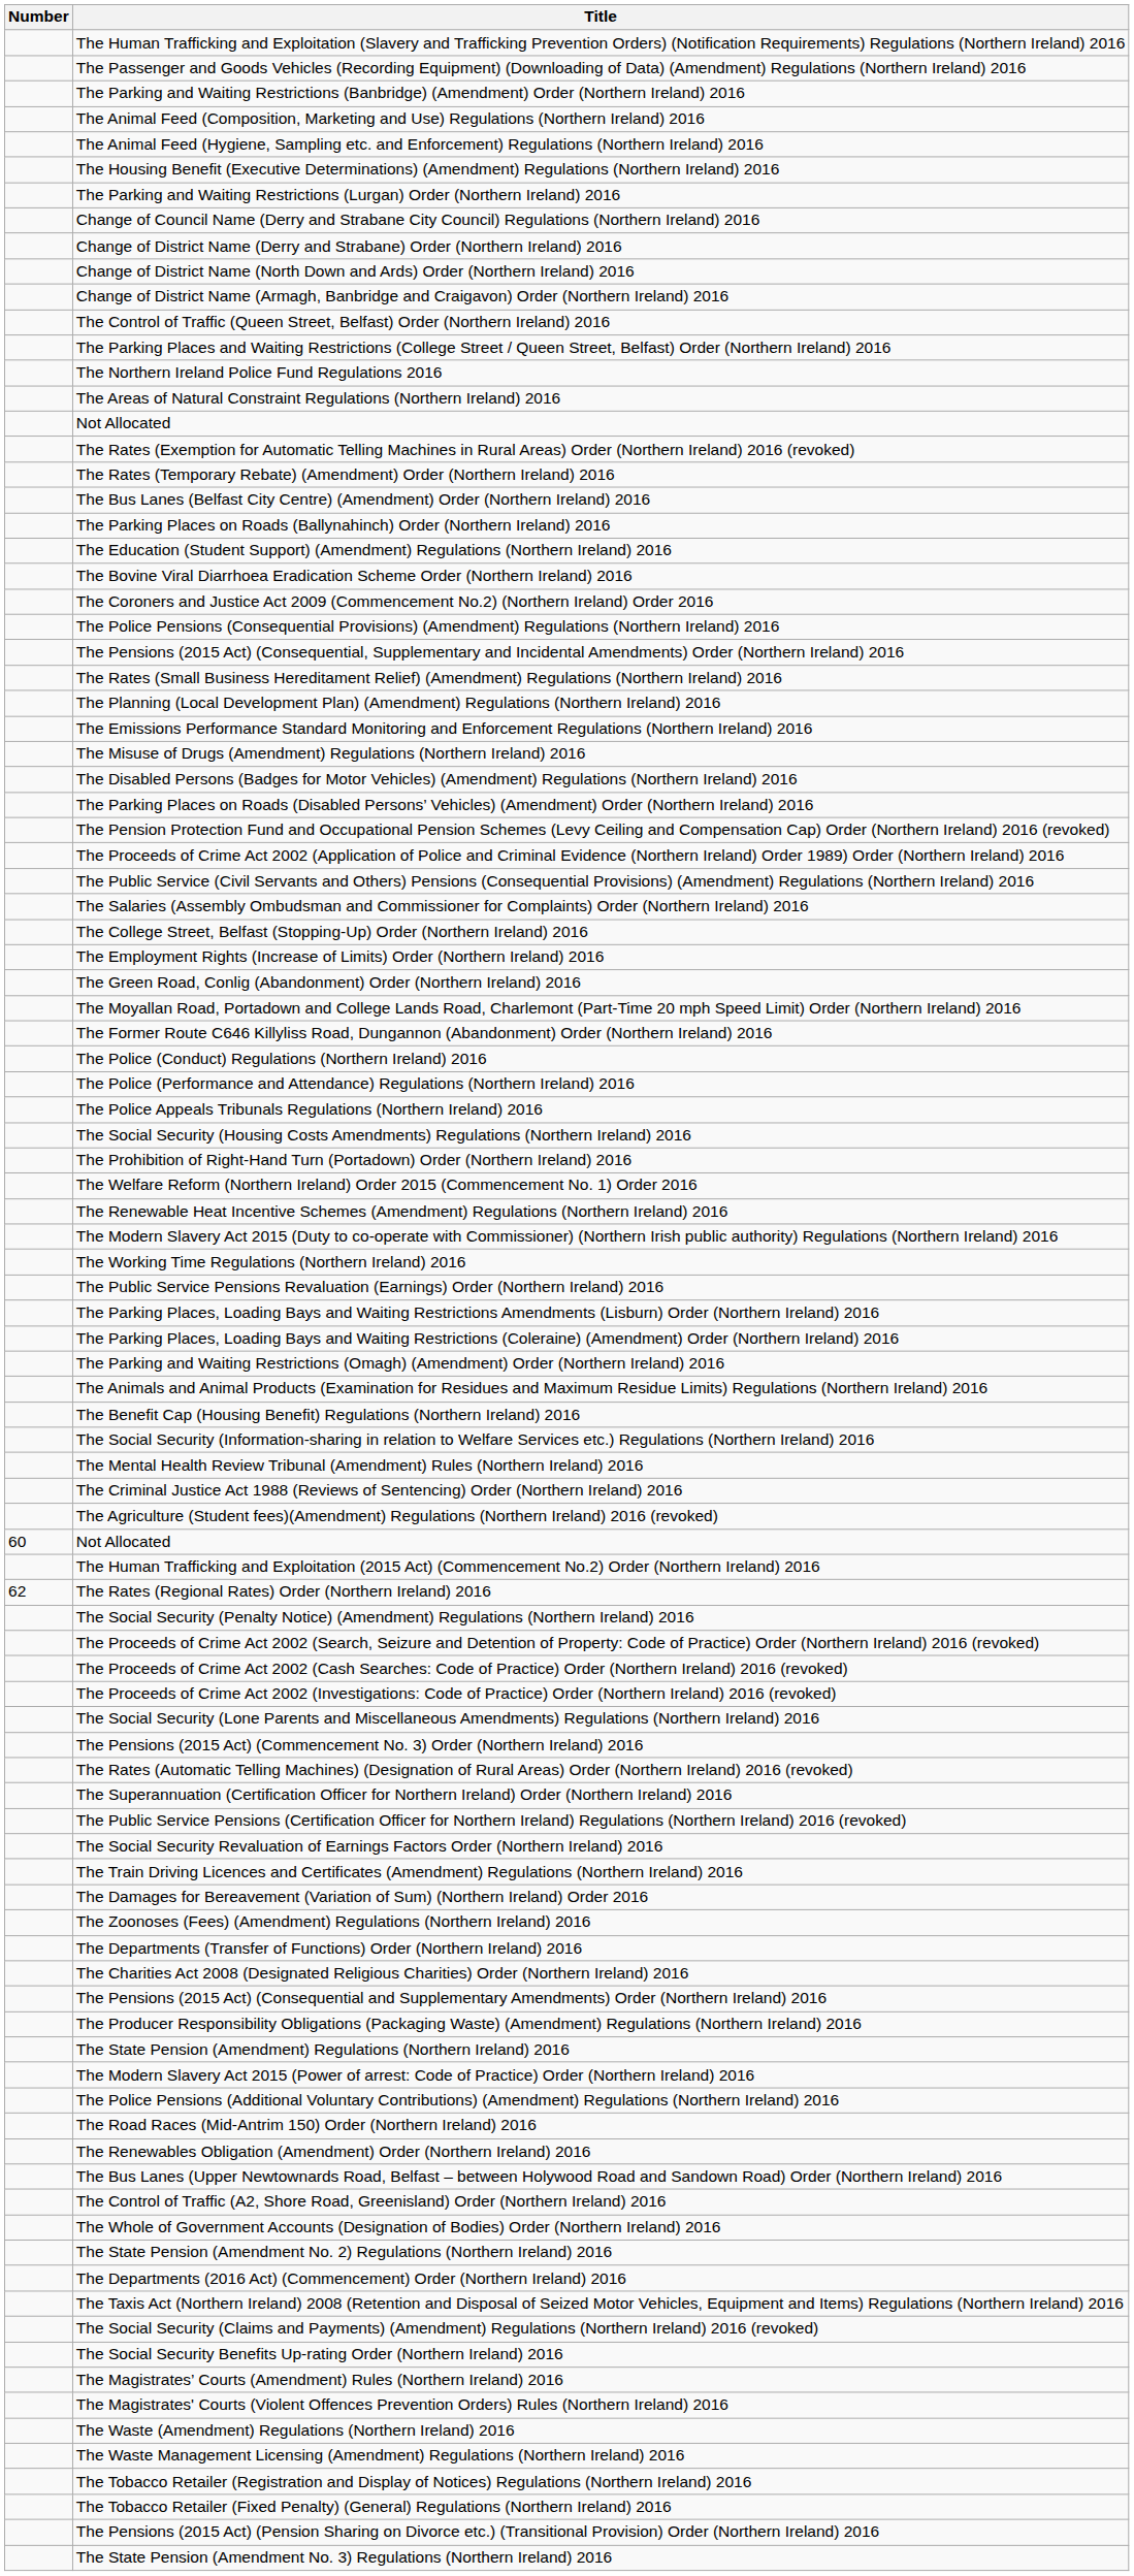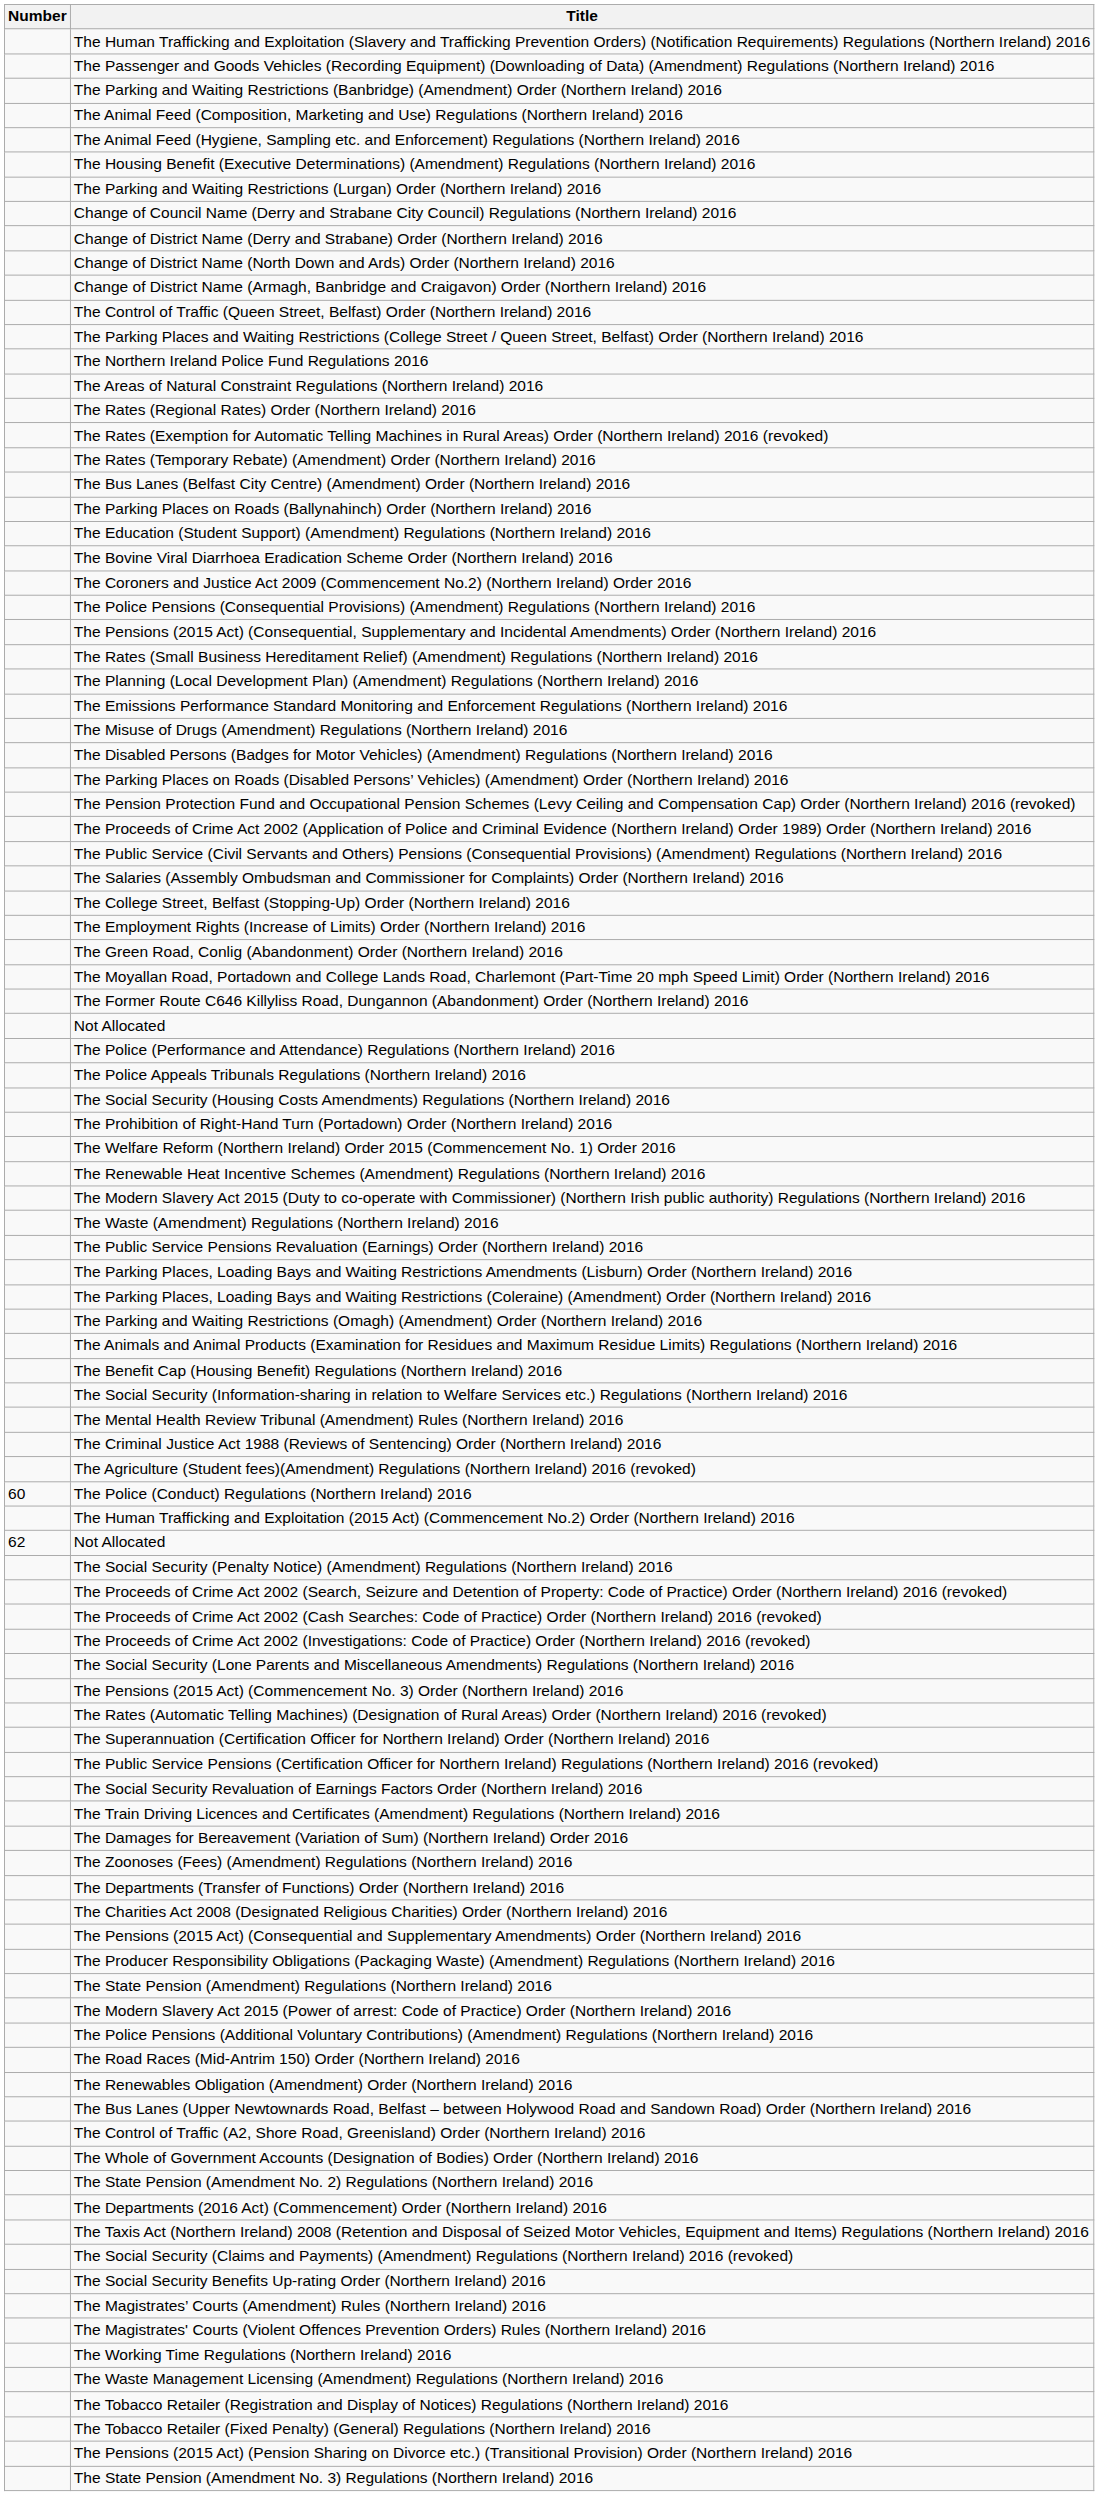 <table class="wikitable collapsible">
 <tr>
 <th>Number</th>
 <th>Title</th>
 </tr>
 <tr>
 <td></td>
 <td>The Human Trafficking and Exploitation (Slavery and Trafficking Prevention Orders) (Notification Requirements) Regulations (Northern Ireland) 2016</td>
 </tr>
 <tr>
 <td></td>
 <td>The Passenger and Goods Vehicles (Recording Equipment) (Downloading of Data) (Amendment) Regulations (Northern Ireland) 2016</td>
 </tr>
 <tr>
 <td></td>
 <td>The Parking and Waiting Restrictions (Banbridge) (Amendment) Order (Northern Ireland) 2016</td>
 </tr>
 <tr>
 <td></td>
 <td>The Animal Feed (Composition, Marketing and Use) Regulations (Northern Ireland) 2016</td>
 </tr>
 <tr>
 <td></td>
 <td>The Animal Feed (Hygiene, Sampling etc. and Enforcement) Regulations (Northern Ireland) 2016</td>
 </tr>
 <tr>
 <td></td>
 <td>The Housing Benefit (Executive Determinations) (Amendment) Regulations (Northern Ireland) 2016</td>
 </tr>
 <tr>
 <td></td>
 <td>The Parking and Waiting Restrictions (Lurgan) Order (Northern Ireland) 2016</td>
 </tr>
 <tr>
 <td></td>
 <td>Change of Council Name (Derry and Strabane City Council) Regulations (Northern Ireland) 2016</td>
 </tr>
 <tr>
 <td></td>
 <td>Change of District Name (Derry and Strabane) Order (Northern Ireland) 2016</td>
 </tr>
 <tr>
 <td></td>
 <td>Change of District Name (North Down and Ards) Order (Northern Ireland) 2016</td>
 </tr>
 <tr>
 <td></td>
 <td>Change of District Name (Armagh, Banbridge and Craigavon) Order (Northern Ireland) 2016</td>
 </tr>
 <tr>
 <td></td>
 <td>The Control of Traffic (Queen Street, Belfast) Order (Northern Ireland) 2016</td>
 </tr>
 <tr>
 <td></td>
 <td>The Parking Places and Waiting Restrictions (College Street / Queen Street, Belfast) Order (Northern Ireland) 2016</td>
 </tr>
 <tr>
 <td></td>
 <td>The Northern Ireland Police Fund Regulations 2016</td>
 </tr>
 <tr>
 <td></td>
 <td>The Areas of Natural Constraint Regulations (Northern Ireland) 2016</td>
 </tr>
 <tr>
 <td></td>
-<td>Not Allocated</td>
+<td>The Rates (Regional Rates) Order (Northern Ireland) 2016</td>
 </tr>
 <tr>
 <td></td>
 <td>The Rates (Exemption for Automatic Telling Machines in Rural Areas) Order (Northern Ireland) 2016 (revoked)</td>
 </tr>
 <tr>
 <td></td>
 <td>The Rates (Temporary Rebate) (Amendment) Order (Northern Ireland) 2016</td>
 </tr>
 <tr>
 <td></td>
 <td>The Bus Lanes (Belfast City Centre) (Amendment) Order (Northern Ireland) 2016</td>
 </tr>
 <tr>
 <td></td>
 <td>The Parking Places on Roads (Ballynahinch) Order (Northern Ireland) 2016</td>
 </tr>
 <tr>
 <td></td>
 <td>The Education (Student Support) (Amendment) Regulations (Northern Ireland) 2016</td>
 </tr>
 <tr>
 <td></td>
 <td>The Bovine Viral Diarrhoea Eradication Scheme Order (Northern Ireland) 2016</td>
 </tr>
 <tr>
 <td></td>
 <td>The Coroners and Justice Act 2009 (Commencement No.2) (Northern Ireland) Order 2016</td>
 </tr>
 <tr>
 <td></td>
 <td>The Police Pensions (Consequential Provisions) (Amendment) Regulations (Northern Ireland) 2016</td>
 </tr>
 <tr>
 <td></td>
 <td>The Pensions (2015 Act) (Consequential, Supplementary and Incidental Amendments) Order (Northern Ireland) 2016</td>
 </tr>
 <tr>
 <td></td>
 <td>The Rates (Small Business Hereditament Relief) (Amendment) Regulations (Northern Ireland) 2016</td>
 </tr>
 <tr>
 <td></td>
 <td>The Planning (Local Development Plan) (Amendment) Regulations (Northern Ireland) 2016</td>
 </tr>
 <tr>
 <td></td>
 <td>The Emissions Performance Standard Monitoring and Enforcement Regulations (Northern Ireland) 2016</td>
 </tr>
 <tr>
 <td></td>
 <td>The Misuse of Drugs (Amendment) Regulations (Northern Ireland) 2016</td>
 </tr>
 <tr>
 <td></td>
 <td>The Disabled Persons (Badges for Motor Vehicles) (Amendment) Regulations (Northern Ireland) 2016</td>
 </tr>
 <tr>
 <td></td>
 <td>The Parking Places on Roads (Disabled Persons’ Vehicles) (Amendment) Order (Northern Ireland) 2016</td>
 </tr>
 <tr>
 <td></td>
 <td>The Pension Protection Fund and Occupational Pension Schemes (Levy Ceiling and Compensation Cap) Order (Northern Ireland) 2016 (revoked)</td>
 </tr>
 <tr>
 <td></td>
 <td>The Proceeds of Crime Act 2002 (Application of Police and Criminal Evidence (Northern Ireland) Order 1989) Order (Northern Ireland) 2016</td>
 </tr>
 <tr>
 <td></td>
 <td>The Public Service (Civil Servants and Others) Pensions (Consequential Provisions) (Amendment) Regulations (Northern Ireland) 2016</td>
 </tr>
 <tr>
 <td></td>
 <td>The Salaries (Assembly Ombudsman and Commissioner for Complaints) Order (Northern Ireland) 2016</td>
 </tr>
 <tr>
 <td></td>
 <td>The College Street, Belfast (Stopping-Up) Order (Northern Ireland) 2016</td>
 </tr>
 <tr>
 <td></td>
 <td>The Employment Rights (Increase of Limits) Order (Northern Ireland) 2016</td>
 </tr>
 <tr>
 <td></td>
 <td>The Green Road, Conlig (Abandonment) Order (Northern Ireland) 2016</td>
 </tr>
 <tr>
 <td></td>
 <td>The Moyallan Road, Portadown and College Lands Road, Charlemont (Part-Time 20 mph Speed Limit) Order (Northern Ireland) 2016</td>
 </tr>
 <tr>
 <td></td>
 <td>The Former Route C646 Killyliss Road, Dungannon (Abandonment) Order (Northern Ireland) 2016</td>
 </tr>
 <tr>
 <td></td>
-<td>The Police (Conduct) Regulations (Northern Ireland) 2016</td>
+<td>Not Allocated</td>
 </tr>
 <tr>
 <td></td>
 <td>The Police (Performance and Attendance) Regulations (Northern Ireland) 2016</td>
 </tr>
 <tr>
 <td></td>
 <td>The Police Appeals Tribunals Regulations (Northern Ireland) 2016</td>
 </tr>
 <tr>
 <td></td>
 <td>The Social Security (Housing Costs Amendments) Regulations (Northern Ireland) 2016</td>
 </tr>
 <tr>
 <td></td>
 <td>The Prohibition of Right-Hand Turn (Portadown) Order (Northern Ireland) 2016</td>
 </tr>
 <tr>
 <td></td>
 <td>The Welfare Reform (Northern Ireland) Order 2015 (Commencement No. 1) Order 2016</td>
 </tr>
 <tr>
 <td></td>
 <td>The Renewable Heat Incentive Schemes (Amendment) Regulations (Northern Ireland) 2016</td>
 </tr>
 <tr>
 <td></td>
 <td>The Modern Slavery Act 2015 (Duty to co-operate with Commissioner) (Northern Irish public authority) Regulations (Northern Ireland) 2016</td>
 </tr>
 <tr>
 <td></td>
-<td>The Working Time Regulations (Northern Ireland) 2016</td>
+<td>The Waste (Amendment) Regulations (Northern Ireland) 2016</td>
 </tr>
 <tr>
 <td></td>
 <td>The Public Service Pensions Revaluation (Earnings) Order (Northern Ireland) 2016</td>
 </tr>
 <tr>
 <td></td>
 <td>The Parking Places, Loading Bays and Waiting Restrictions Amendments (Lisburn) Order (Northern Ireland) 2016</td>
 </tr>
 <tr>
 <td></td>
 <td>The Parking Places, Loading Bays and Waiting Restrictions (Coleraine) (Amendment) Order (Northern Ireland) 2016</td>
 </tr>
 <tr>
 <td></td>
 <td>The Parking and Waiting Restrictions (Omagh) (Amendment) Order (Northern Ireland) 2016</td>
 </tr>
 <tr>
 <td></td>
 <td>The Animals and Animal Products (Examination for Residues and Maximum Residue Limits) Regulations (Northern Ireland) 2016</td>
 </tr>
 <tr>
 <td></td>
 <td>The Benefit Cap (Housing Benefit) Regulations (Northern Ireland) 2016</td>
 </tr>
 <tr>
 <td></td>
 <td>The Social Security (Information-sharing in relation to Welfare Services etc.) Regulations (Northern Ireland) 2016</td>
 </tr>
 <tr>
 <td></td>
 <td>The Mental Health Review Tribunal (Amendment) Rules (Northern Ireland) 2016</td>
 </tr>
 <tr>
 <td></td>
 <td>The Criminal Justice Act 1988 (Reviews of Sentencing) Order (Northern Ireland) 2016</td>
 </tr>
 <tr>
 <td></td>
 <td>The Agriculture (Student fees)(Amendment) Regulations (Northern Ireland) 2016 (revoked)</td>
 </tr>
 <tr>
 <td>60</td>
-<td>Not Allocated</td>
+<td>The Police (Conduct) Regulations (Northern Ireland) 2016</td>
 </tr>
 <tr>
 <td></td>
 <td>The Human Trafficking and Exploitation (2015 Act) (Commencement No.2) Order (Northern Ireland) 2016</td>
 </tr>
 <tr>
 <td>62</td>
-<td>The Rates (Regional Rates) Order (Northern Ireland) 2016</td>
+<td>Not Allocated</td>
 </tr>
 <tr>
 <td></td>
 <td>The Social Security (Penalty Notice) (Amendment) Regulations (Northern Ireland) 2016</td>
 </tr>
 <tr>
 <td></td>
 <td>The Proceeds of Crime Act 2002 (Search, Seizure and Detention of Property: Code of Practice) Order (Northern Ireland) 2016 (revoked)</td>
 </tr>
 <tr>
 <td></td>
 <td>The Proceeds of Crime Act 2002 (Cash Searches: Code of Practice) Order (Northern Ireland) 2016 (revoked)</td>
 </tr>
 <tr>
 <td></td>
 <td>The Proceeds of Crime Act 2002 (Investigations: Code of Practice) Order (Northern Ireland) 2016 (revoked)</td>
 </tr>
 <tr>
 <td></td>
 <td>The Social Security (Lone Parents and Miscellaneous Amendments) Regulations (Northern Ireland) 2016</td>
 </tr>
 <tr>
 <td></td>
 <td>The Pensions (2015 Act) (Commencement No. 3) Order (Northern Ireland) 2016</td>
 </tr>
 <tr>
 <td></td>
 <td>The Rates (Automatic Telling Machines) (Designation of Rural Areas) Order (Northern Ireland) 2016 (revoked)</td>
 </tr>
 <tr>
 <td></td>
 <td>The Superannuation (Certification Officer for Northern Ireland) Order (Northern Ireland) 2016</td>
 </tr>
 <tr>
 <td></td>
 <td>The Public Service Pensions (Certification Officer for Northern Ireland) Regulations (Northern Ireland) 2016 (revoked)</td>
 </tr>
 <tr>
 <td></td>
 <td>The Social Security Revaluation of Earnings Factors Order (Northern Ireland) 2016</td>
 </tr>
 <tr>
 <td></td>
 <td>The Train Driving Licences and Certificates (Amendment) Regulations (Northern Ireland) 2016</td>
 </tr>
 <tr>
 <td></td>
 <td>The Damages for Bereavement (Variation of Sum) (Northern Ireland) Order 2016</td>
 </tr>
 <tr>
 <td></td>
 <td>The Zoonoses (Fees) (Amendment) Regulations (Northern Ireland) 2016</td>
 </tr>
 <tr>
 <td></td>
 <td>The Departments (Transfer of Functions) Order (Northern Ireland) 2016</td>
 </tr>
 <tr>
 <td></td>
 <td>The Charities Act 2008 (Designated Religious Charities) Order (Northern Ireland) 2016</td>
 </tr>
 <tr>
 <td></td>
 <td>The Pensions (2015 Act) (Consequential and Supplementary Amendments) Order (Northern Ireland) 2016</td>
 </tr>
 <tr>
 <td></td>
 <td>The Producer Responsibility Obligations (Packaging Waste) (Amendment) Regulations (Northern Ireland) 2016</td>
 </tr>
 <tr>
 <td></td>
 <td>The State Pension (Amendment) Regulations (Northern Ireland) 2016</td>
 </tr>
 <tr>
 <td></td>
 <td>The Modern Slavery Act 2015 (Power of arrest: Code of Practice) Order (Northern Ireland) 2016</td>
 </tr>
 <tr>
 <td></td>
 <td>The Police Pensions (Additional Voluntary Contributions) (Amendment) Regulations (Northern Ireland) 2016</td>
 </tr>
 <tr>
 <td></td>
 <td>The Road Races (Mid-Antrim 150) Order (Northern Ireland) 2016</td>
 </tr>
 <tr>
 <td></td>
 <td>The Renewables Obligation (Amendment) Order (Northern Ireland) 2016</td>
 </tr>
 <tr>
 <td></td>
 <td>The Bus Lanes (Upper Newtownards Road, Belfast – between Holywood Road and Sandown Road) Order (Northern Ireland) 2016</td>
 </tr>
 <tr>
 <td></td>
 <td>The Control of Traffic (A2, Shore Road, Greenisland) Order (Northern Ireland) 2016</td>
 </tr>
 <tr>
 <td></td>
 <td>The Whole of Government Accounts (Designation of Bodies) Order (Northern Ireland) 2016</td>
 </tr>
 <tr>
 <td></td>
 <td>The State Pension (Amendment No. 2) Regulations (Northern Ireland) 2016</td>
 </tr>
 <tr>
 <td></td>
 <td>The Departments (2016 Act) (Commencement) Order (Northern Ireland) 2016</td>
 </tr>
 <tr>
 <td></td>
 <td>The Taxis Act (Northern Ireland) 2008 (Retention and Disposal of Seized Motor Vehicles, Equipment and Items) Regulations (Northern Ireland) 2016</td>
 </tr>
 <tr>
 <td></td>
 <td>The Social Security (Claims and Payments) (Amendment) Regulations (Northern Ireland) 2016 (revoked)</td>
 </tr>
 <tr>
 <td></td>
 <td>The Social Security Benefits Up-rating Order (Northern Ireland) 2016</td>
 </tr>
 <tr>
 <td></td>
 <td>The Magistrates’ Courts (Amendment) Rules (Northern Ireland) 2016</td>
 </tr>
 <tr>
 <td></td>
 <td>The Magistrates' Courts (Violent Offences Prevention Orders) Rules (Northern Ireland) 2016</td>
 </tr>
 <tr>
 <td></td>
-<td>The Waste (Amendment) Regulations (Northern Ireland) 2016</td>
+<td>The Working Time Regulations (Northern Ireland) 2016</td>
 </tr>
 <tr>
 <td></td>
 <td>The Waste Management Licensing (Amendment) Regulations (Northern Ireland) 2016</td>
 </tr>
 <tr>
 <td></td>
 <td>The Tobacco Retailer (Registration and Display of Notices) Regulations (Northern Ireland) 2016</td>
 </tr>
 <tr>
 <td></td>
 <td>The Tobacco Retailer (Fixed Penalty) (General) Regulations (Northern Ireland) 2016</td>
 </tr>
 <tr>
 <td></td>
 <td>The Pensions (2015 Act) (Pension Sharing on Divorce etc.) (Transitional Provision) Order (Northern Ireland) 2016</td>
 </tr>
 <tr>
 <td></td>
 <td>The State Pension (Amendment No. 3) Regulations (Northern Ireland) 2016</td>
 </tr>
 </table>
